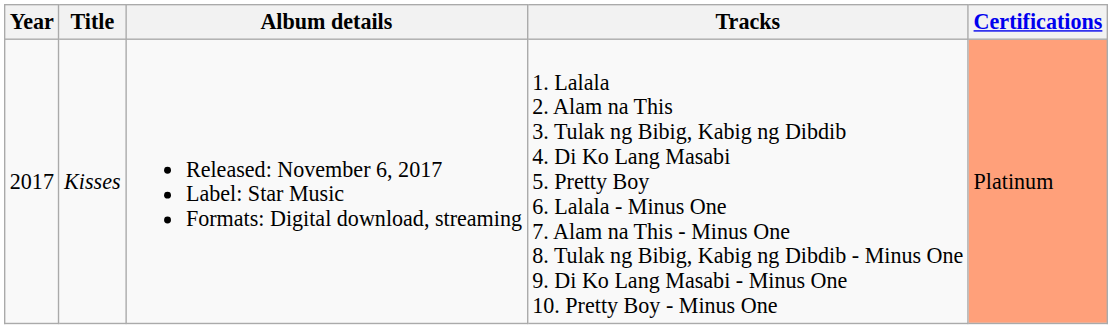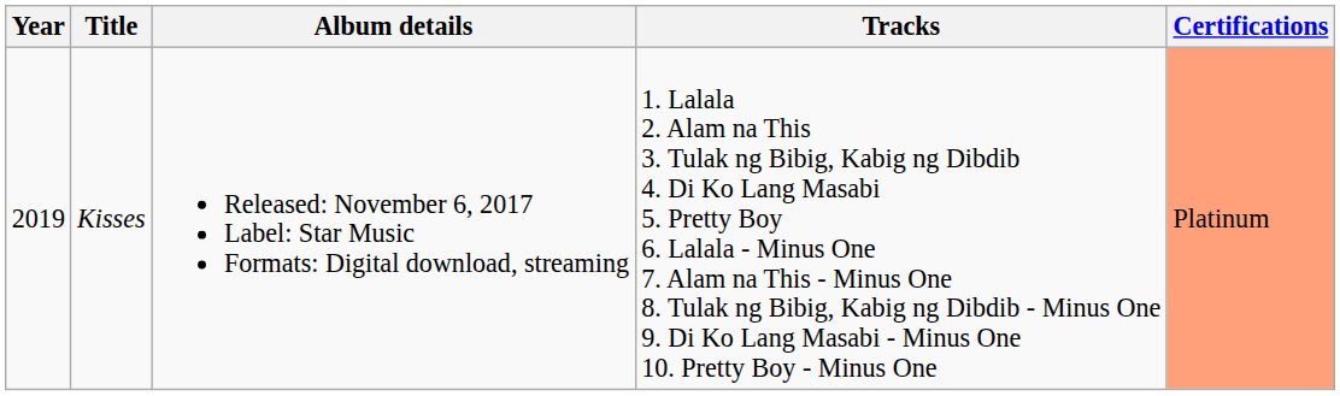 <table class="wikitable sortable">
 <tr>
 <th>Year</th>
 <th>Title</th>
 <th>Album details</th>
 <th>Tracks</th>
 <th><a href='#'>Certifications</a></th>
 </tr>
 <tr>
-<td>2017</td>
+<td>2019</td>
 <td><em>Kisses</em></td>
 <td><br><ul><li>Released: November 6, 2017</li><li>Label: Star Music</li><li>Formats: Digital download, streaming</li></ul></td>
 <td><br>1. Lalala <br> 2. Alam na This <br> 3. Tulak ng Bibig, Kabig ng Dibdib <br> 4. Di Ko Lang Masabi <br> 5. Pretty Boy <br> 6. Lalala - Minus One <br> 7. Alam na This - Minus One<br> 8. Tulak ng Bibig, Kabig ng Dibdib - Minus One <br> 9. Di Ko Lang Masabi - Minus One<br> 10. Pretty Boy - Minus One</td>
 <td style="background: lightsalmon;">Platinum</td>
 </tr>
 </table>
